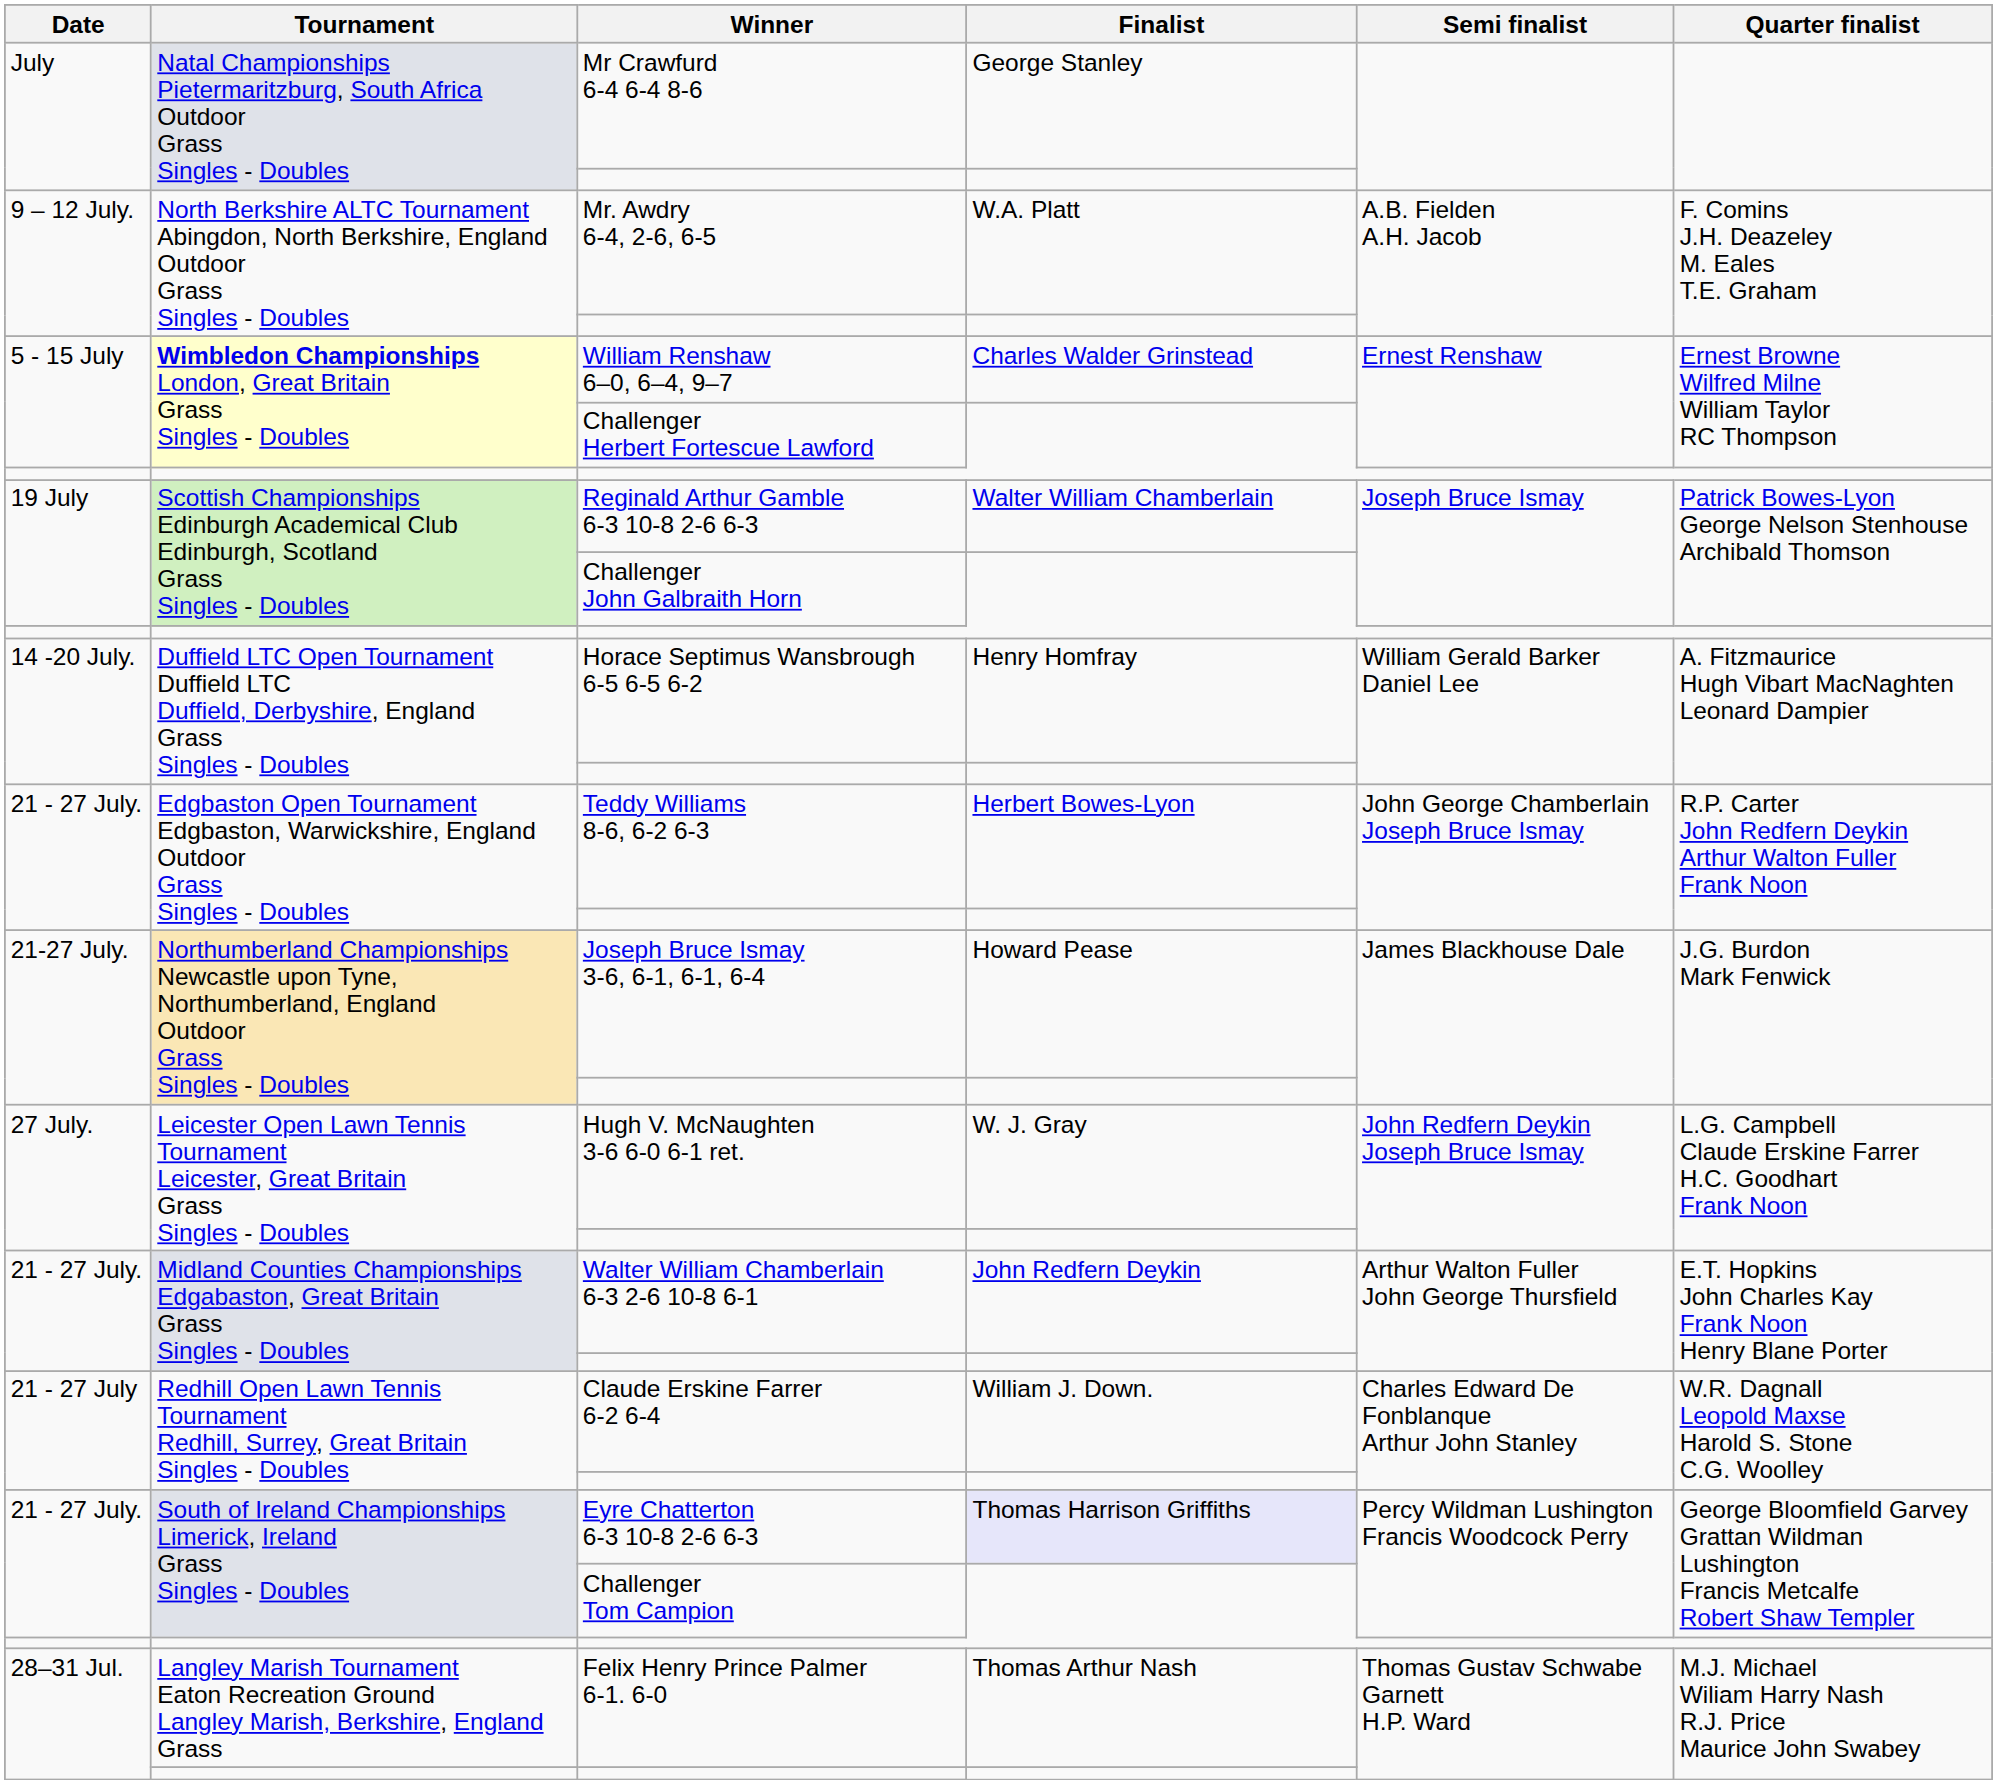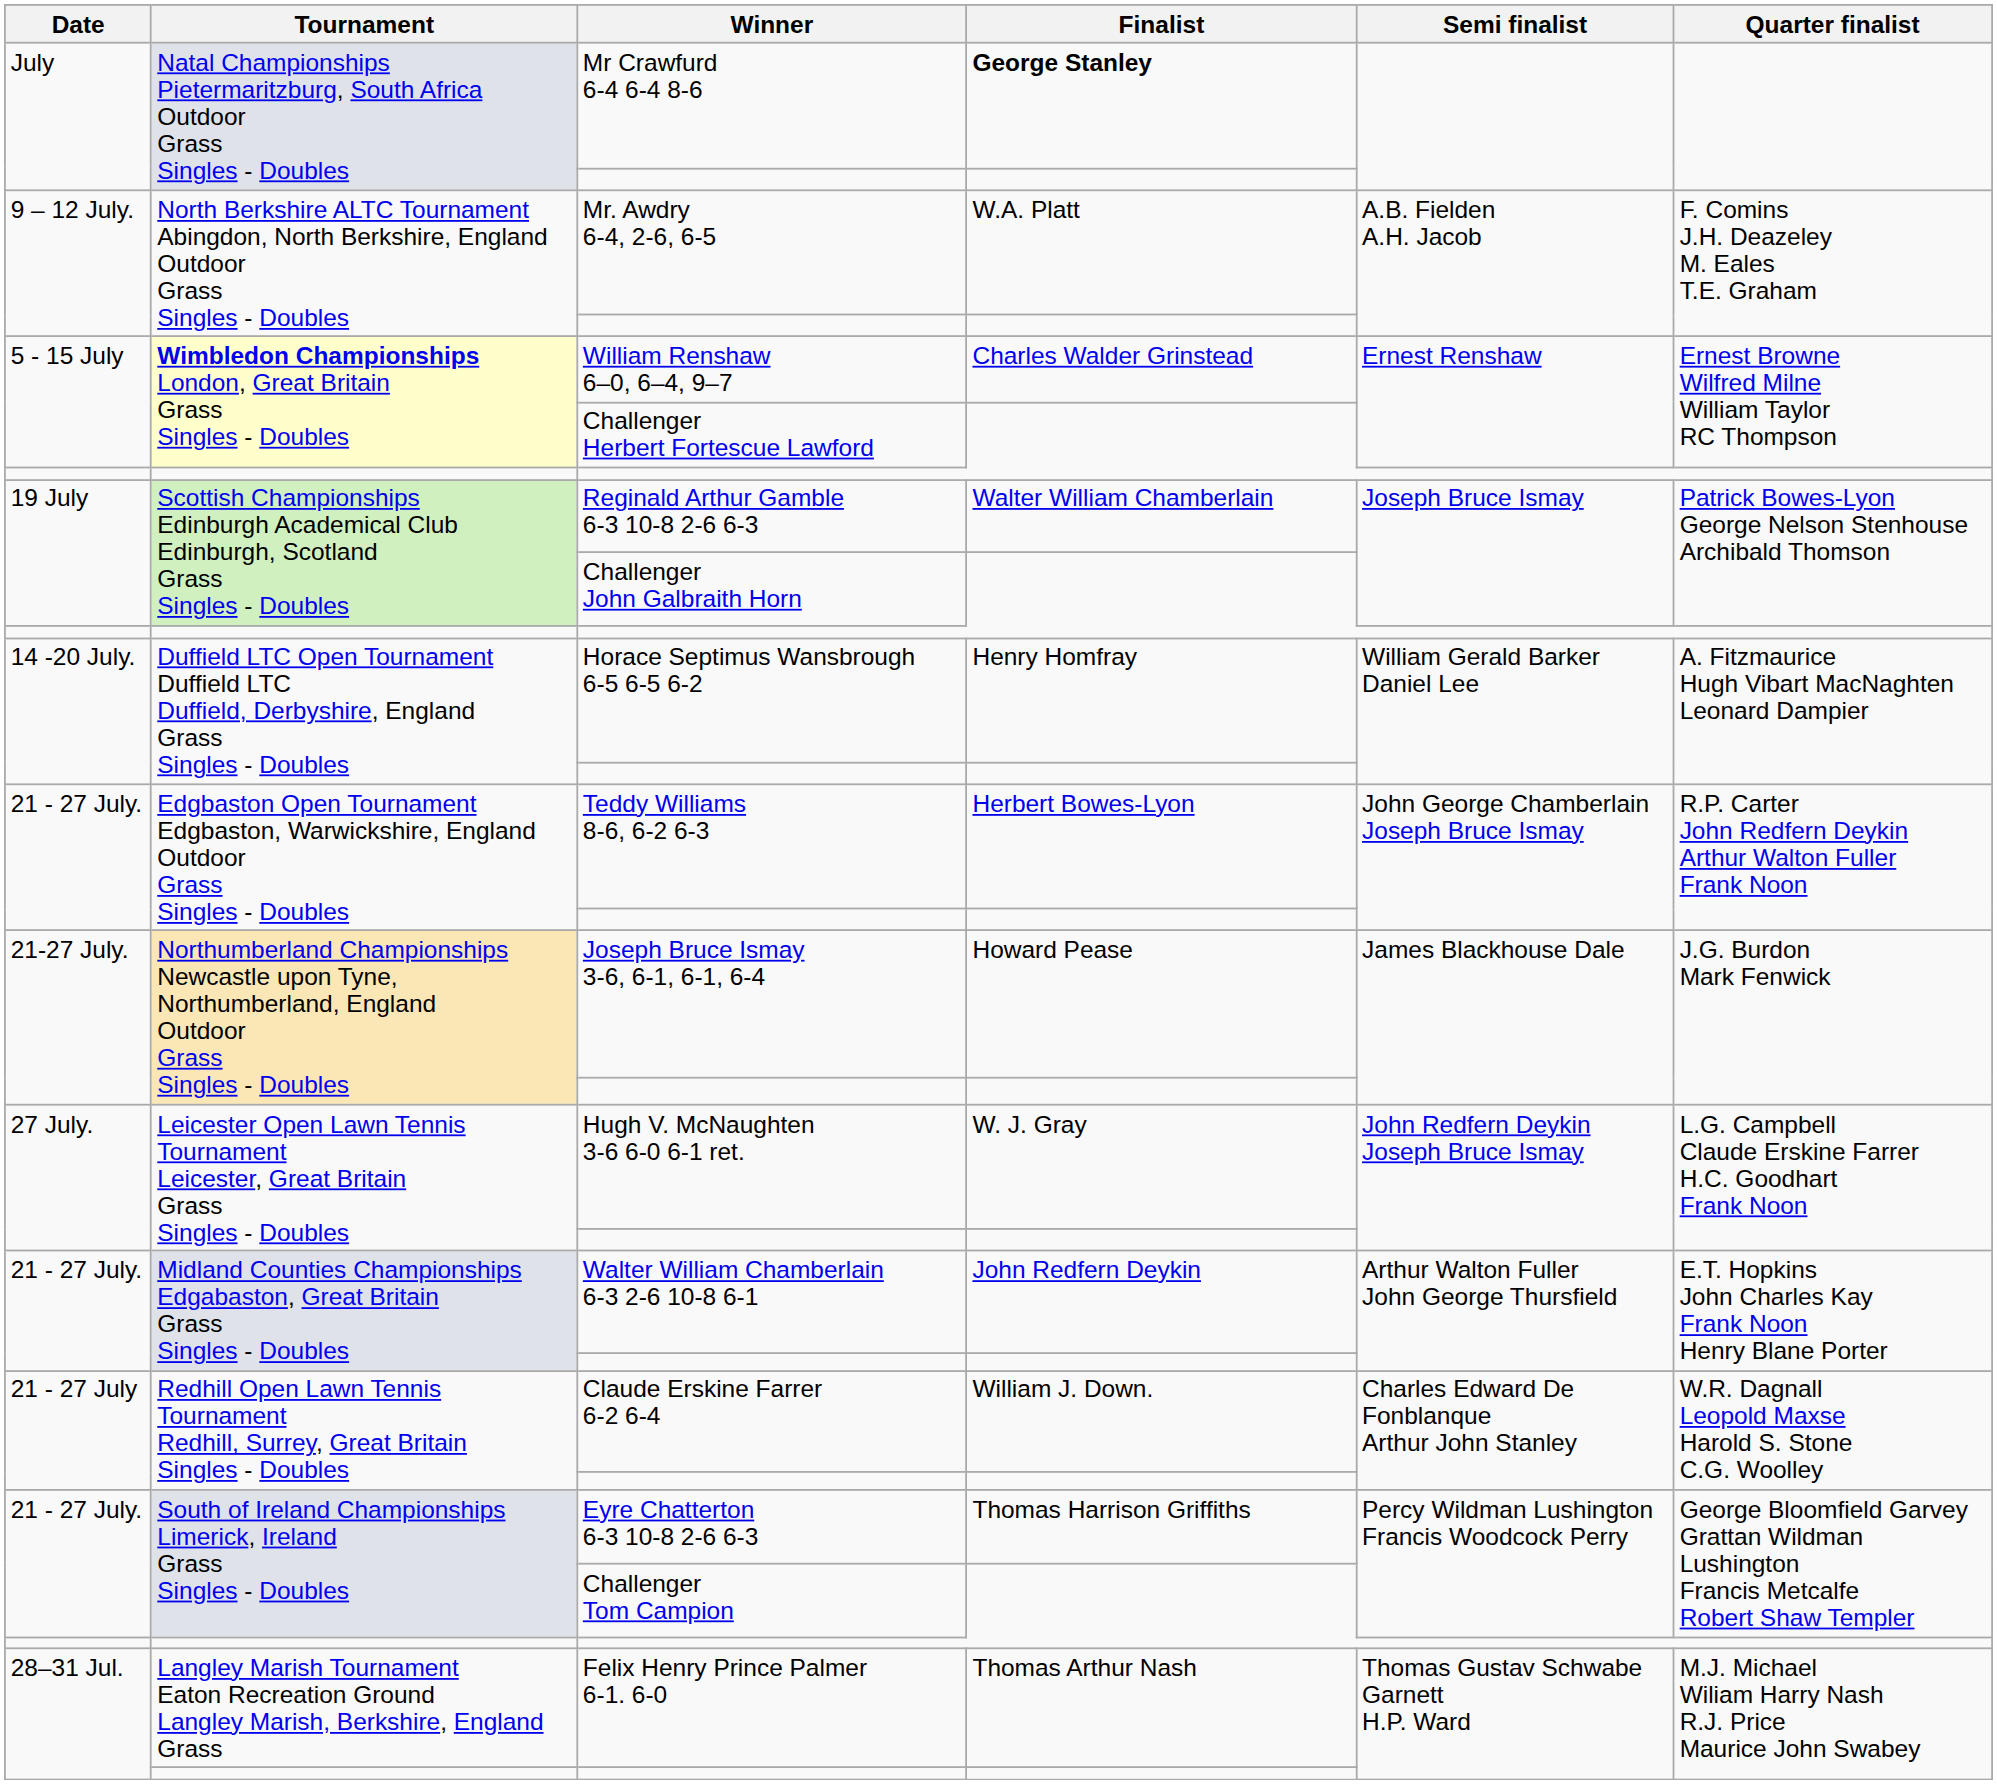 <table class="wikitable" style="font-size:85%;">
 <tr>
 <th width="75">Date</th>
 <th style="width:230px;">Tournament</th>
 <th style="width:210px;">Winner</th>
 <th style="width:210px;">Finalist</th>
 <th style="width:170px;">Semi finalist</th>
 <th style="width:170px;">Quarter finalist</th>
 </tr>
 <tr valign=top>
 <td rowspan=2>July</td>
 <td style="background:#dfe2e9" rowspan=2><a href='#'>Natal Championships</a><br> <a href='#'>Pietermaritzburg</a>, <a href='#'>South Africa</a><br>Outdoor<br> Grass<br><a href='#'>Singles</a> - <a href='#'>Doubles</a></td>
 <td> Mr Crawfurd<br>6-4 6-4 8-6</td>
-<td> George Stanley</td>
+<td><strong> George Stanley</strong></td>
 <td rowspan=2></td>
 <td rowspan=2></td>
 </tr>
 <tr valign=top>
 <td></td>
 <td></td>
 </tr>
 <tr valign=top>
 <td rowspan=2>9 – 12 July.</td>
 <td rowspan=2><a href='#'>North Berkshire ALTC Tournament</a> <br>Abingdon, North Berkshire, England<br>Outdoor<br> Grass<br><a href='#'>Singles</a> - <a href='#'>Doubles</a></td>
 <td> Mr. Awdry<br> 6-4, 2-6, 6-5</td>
 <td> W.A. Platt</td>
 <td rowspan=2> A.B. Fielden <br> A.H. Jacob</td>
 <td rowspan=2> F. Comins <br> J.H. Deazeley <br> M. Eales  <br> T.E. Graham</td>
 </tr>
 <tr valign=top>
 <td></td>
 <td></td>
 </tr>
 <tr valign=top>
 <td rowspan=2>5 - 15 July</td>
 <td style="background:#ffc;" rowspan=2><strong><a href='#'>Wimbledon Championships</a></strong><br> <a href='#'>London</a>, <a href='#'>Great Britain</a><br>Grass<br><a href='#'>Singles</a> - <a href='#'>Doubles</a></td>
 <td> <a href='#'>William Renshaw</a> <br>6–0, 6–4, 9–7</td>
 <td> <a href='#'>Charles Walder Grinstead</a></td>
 <td rowspan=2> <a href='#'>Ernest Renshaw</a></td>
 <td rowspan=2> <a href='#'>Ernest Browne</a><br> <a href='#'>Wilfred Milne</a><br> William Taylor<br> RC Thompson</td>
 </tr>
 <tr valign=top>
 <td>Challenger<br> <a href='#'>Herbert Fortescue Lawford</a></td>
 </tr>
 <tr valign=top>
 <td></td>
 <td></td>
 </tr>
 <tr valign=top>
 <td rowspan=2>19 July</td>
 <td style="background:#d0f0c0" rowspan=2><a href='#'>Scottish Championships</a>  <br> Edinburgh Academical Club <br>Edinburgh, Scotland<br>Grass<br><a href='#'>Singles</a> - <a href='#'>Doubles</a></td>
 <td> <a href='#'>Reginald Arthur Gamble</a><br>6-3 10-8 2-6 6-3</td>
 <td> <a href='#'>Walter William Chamberlain</a></td>
 <td rowspan=2> <a href='#'>Joseph Bruce Ismay</a></td>
 <td rowspan=2> <a href='#'>Patrick Bowes-Lyon</a><br> George Nelson Stenhouse<br> Archibald Thomson</td>
 </tr>
 <tr valign=top>
 <td>Challenger<br> <a href='#'>John Galbraith Horn</a></td>
 </tr>
 <tr valign=top>
 <td></td>
 <td></td>
 </tr>
 <tr valign=top>
 <td rowspan=2>14 -20 July.</td>
 <td rowspan=2><a href='#'>Duffield LTC Open Tournament</a> <br>Duffield LTC<br><a href='#'>Duffield, Derbyshire</a>, England<br>Grass <br> <a href='#'>Singles</a> - <a href='#'>Doubles</a></td>
 <td>  Horace Septimus Wansbrough <br>6-5 6-5 6-2</td>
 <td>  Henry Homfray</td>
 <td rowspan=2> William Gerald Barker<br> Daniel Lee</td>
 <td rowspan=2>  A. Fitzmaurice<br> Hugh Vibart MacNaghten<br> Leonard Dampier</td>
 </tr>
 <tr valign=top>
 <td></td>
 <td></td>
 </tr>
 <tr valign=top>
 <td rowspan=2>21 - 27 July.</td>
 <td rowspan=2><a href='#'>Edgbaston Open Tournament</a><br>Edgbaston, Warwickshire, England<br>Outdoor<br><a href='#'>Grass</a><br><a href='#'>Singles</a> - <a href='#'>Doubles</a></td>
 <td> <a href='#'>Teddy Williams</a><br> 8-6, 6-2 6-3</td>
 <td> <a href='#'>Herbert Bowes-Lyon</a></td>
 <td rowspan=2> John George Chamberlain<br> <a href='#'>Joseph Bruce Ismay</a></td>
 <td rowspan=2> R.P. Carter<br> <a href='#'>John Redfern Deykin</a><br> <a href='#'>Arthur Walton Fuller</a><br> <a href='#'>Frank Noon</a><br></td>
 </tr>
 <tr valign=top>
 <td></td>
 <td></td>
 </tr>
 <tr valign=top>
 <td rowspan=2>21-27 July.</td>
 <td style="background:#fae7b5" rowspan=2><a href='#'>Northumberland Championships</a><br>Newcastle upon Tyne, Northumberland, England<br>Outdoor<br><a href='#'>Grass</a><br><a href='#'>Singles</a> - <a href='#'>Doubles</a></td>
 <td> <a href='#'>Joseph Bruce Ismay</a><br>3-6, 6-1, 6-1, 6-4</td>
 <td> Howard Pease</td>
 <td rowspan=2> James Blackhouse Dale<br></td>
 <td rowspan=2> J.G. Burdon<br> Mark Fenwick</td>
 </tr>
 <tr valign=top>
 <td></td>
 <td></td>
 </tr>
 <tr valign=top>
 <td rowspan=2>27 July.</td>
 <td rowspan=2><a href='#'>Leicester Open Lawn Tennis Tournament</a>  <br> <a href='#'>Leicester</a>, <a href='#'>Great Britain</a><br>Grass<br><a href='#'>Singles</a> - <a href='#'>Doubles</a></td>
 <td> Hugh V. McNaughten <br>3-6 6-0 6-1 ret.</td>
 <td> W. J. Gray</td>
 <td rowspan=2> <a href='#'>John Redfern Deykin</a><br> <a href='#'>Joseph Bruce Ismay</a></td>
 <td rowspan=2> L.G. Campbell<br> Claude Erskine Farrer<br> H.C. Goodhart <br> <a href='#'>Frank Noon</a></td>
 </tr>
 <tr valign=top>
 <td></td>
 <td></td>
 </tr>
 <tr valign=top>
 <td rowspan=2>21 - 27 July.</td>
 <td style="background:#dfe2e9" rowspan=2><a href='#'>Midland Counties Championships</a>  <br> <a href='#'>Edgabaston</a>, <a href='#'>Great Britain</a><br>Grass<br><a href='#'>Singles</a> - <a href='#'>Doubles</a></td>
 <td> <a href='#'>Walter William Chamberlain</a><br>6-3 2-6 10-8 6-1</td>
 <td> <a href='#'>John Redfern Deykin</a></td>
 <td rowspan=2> Arthur Walton Fuller<br> John George Thursfield</td>
 <td rowspan=2> E.T. Hopkins <br> John Charles Kay<br> <a href='#'>Frank Noon</a><br> Henry Blane Porter</td>
 </tr>
 <tr valign=top>
 <td></td>
 <td></td>
 </tr>
 <tr valign=top>
 <td rowspan=2>21 - 27 July</td>
 <td rowspan=2><a href='#'>Redhill Open Lawn Tennis Tournament</a> <br> <a href='#'>Redhill, Surrey</a>, <a href='#'>Great Britain</a><br><a href='#'>Singles</a> - <a href='#'>Doubles</a></td>
 <td> Claude Erskine Farrer <br> 6-2 6-4</td>
 <td> William J. Down.</td>
 <td rowspan=2> Charles Edward De Fonblanque <br> Arthur John Stanley</td>
 <td rowspan=2> W.R. Dagnall<br> <a href='#'>Leopold Maxse</a><br> Harold S. Stone<br> C.G. Woolley</td>
 </tr>
 <tr valign=top>
 <td></td>
 <td></td>
 </tr>
 <tr valign=top>
 <td rowspan=2>21 - 27 July.</td>
 <td style="background:#dfe2e9" rowspan=2><a href='#'>South of Ireland Championships</a> <br> <a href='#'>Limerick</a>, <a href='#'>Ireland</a><br>Grass<br><a href='#'>Singles</a> - <a href='#'>Doubles</a></td>
 <td> <a href='#'>Eyre Chatterton</a><br>6-3 10-8 2-6 6-3</td>
-<td style="background: lavender;"> Thomas Harrison Griffiths</td>
+<td> Thomas Harrison Griffiths</td>
 <td rowspan=2> Percy Wildman Lushington <br> Francis Woodcock Perry</td>
 <td rowspan=2> George Bloomfield Garvey<br>  Grattan Wildman Lushington<br> Francis Metcalfe<br>  <a href='#'>Robert Shaw Templer</a><br></td>
 </tr>
 <tr valign=top>
 <td>Challenger<br> <a href='#'>Tom Campion</a></td>
 </tr>
 <tr valign=top>
 <td></td>
 <td></td>
 </tr>
 <tr valign=top>
 <td rowspan=2>28–31 Jul.</td>
 <td><a href='#'>Langley Marish Tournament</a><br>Eaton Recreation Ground<br> <a href='#'>Langley Marish, Berkshire</a>, <a href='#'>England</a><br>Grass<br></td>
 <td> Felix Henry Prince Palmer<br>6-1. 6-0</td>
 <td> Thomas Arthur Nash</td>
 <td rowspan=2> Thomas Gustav Schwabe Garnett<br> H.P. Ward</td>
 <td rowspan=2> M.J. Michael<br> Wiliam Harry Nash<br> R.J. Price<br> Maurice John Swabey</td>
 </tr>
 <tr valign=top>
 <td></td>
 <td></td>
 </tr>
 <tr valign=top>
 </tr>
 </table>
